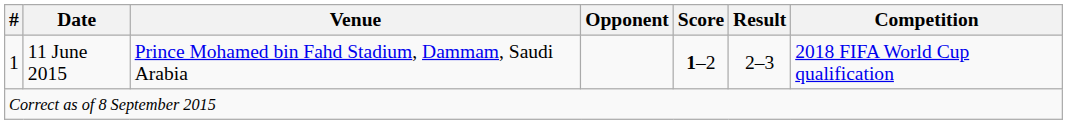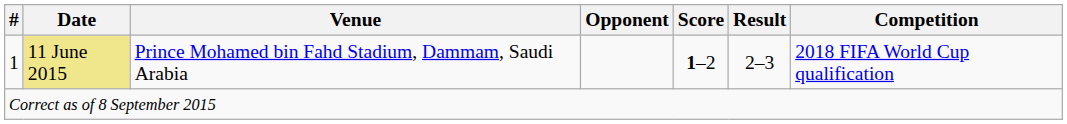 <table class="wikitable collapsible collapsed">
 <tr>
 <th>#</th>
 <th>Date</th>
 <th>Venue</th>
 <th>Opponent</th>
 <th>Score</th>
 <th>Result</th>
 <th>Competition</th>
 </tr>
 <tr>
 <td>1</td>
-<td>11 June 2015</td>
+<td style="background: khaki;">11 June 2015</td>
 <td><a href='#'>Prince Mohamed bin Fahd Stadium</a>, <a href='#'>Dammam</a>, Saudi Arabia</td>
 <td></td>
 <td align=center><strong>1</strong>–2</td>
 <td align=center>2–3</td>
 <td><a href='#'>2018 FIFA World Cup qualification</a></td>
 </tr>
 <tr>
 <td colspan="12"><small><em>Correct as of 8 September 2015</em></small></td>
 </tr>
 </table>
